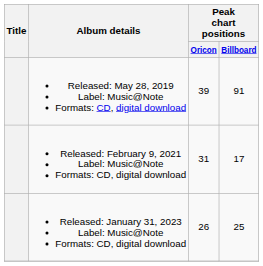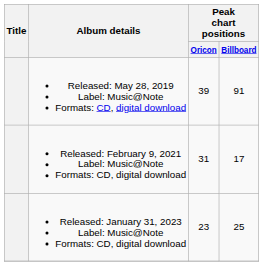 <table class="wikitable plainrowheaders" style="text-align:center;">
 <tr>
 <th scope="col" rowspan="2">Title</th>
 <th scope="col" rowspan="2">Album details</th>
 <th scope="col" colspan="2">Peak<br> chart<br> positions</th>
 </tr>
 <tr>
 <th scope="col" colspan="1"><small><a href='#'>Oricon</a></small><br></th>
 <th scope="col" colspan="1"><small><a href='#'>Billboard</a></small><br></th>
 </tr>
 <tr>
 <th scope="row"></th>
 <td><br><ul><li>Released: May 28, 2019</li><li>Label: Music@Note</li><li>Formats: <a href='#'>CD</a>, <a href='#'>digital download</a></li></ul></td>
 <td>39</td>
 <td>91</td>
 </tr>
 <tr>
 <th scope="row"></th>
 <td><br><ul><li>Released: February 9, 2021</li><li>Label: Music@Note</li><li>Formats: CD, digital download</li></ul></td>
 <td>31</td>
 <td>17</td>
 </tr>
 <tr>
 <th scope="row"></th>
 <td><br><ul><li>Released: January 31, 2023</li><li>Label: Music@Note</li><li>Formats: CD, digital download</li></ul></td>
-<td>26</td>
+<td>23</td>
 <td>25</td>
 </tr>
 <tr>
 </tr>
 </table>
